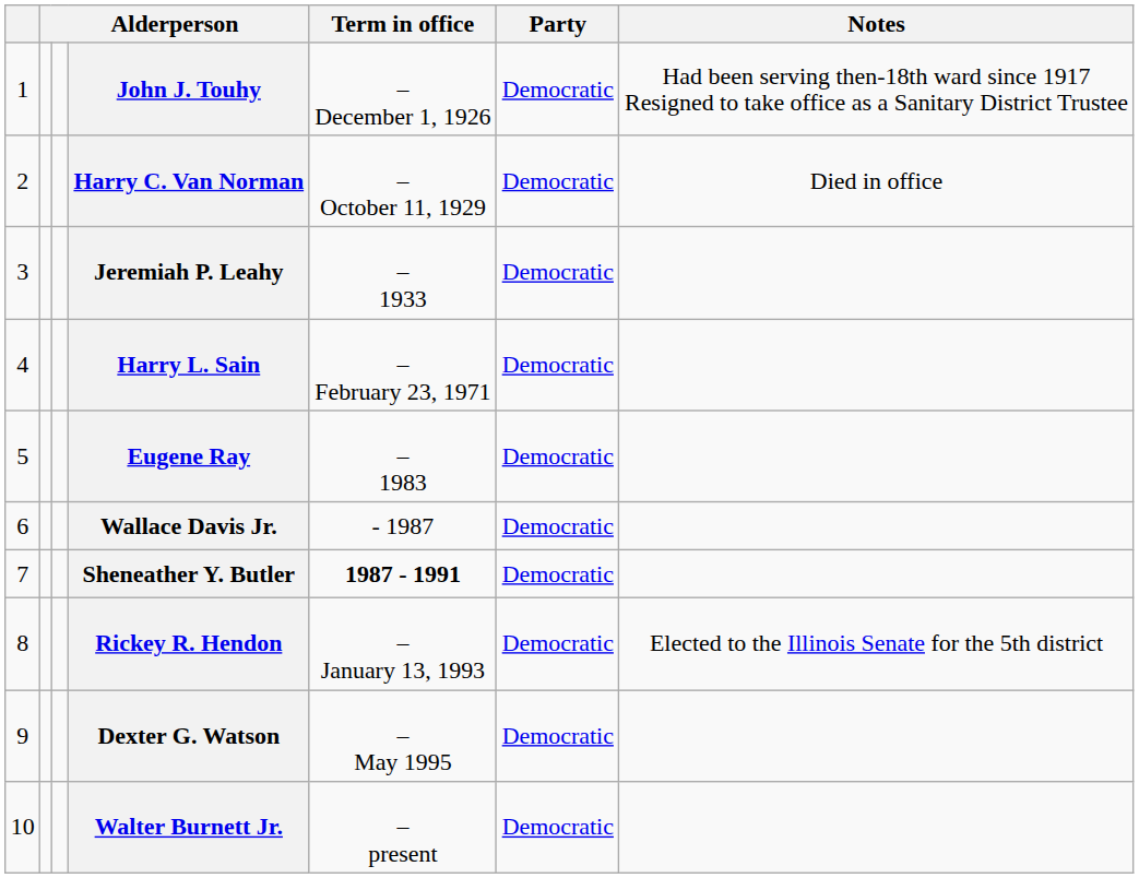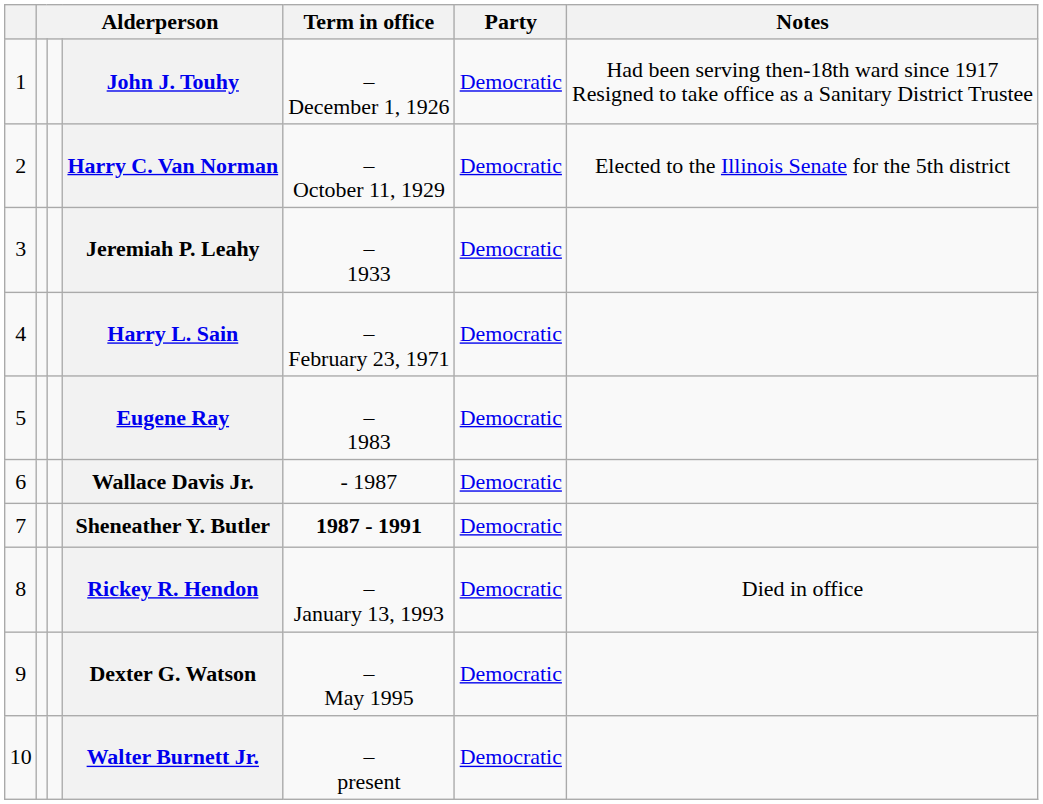 <table class="wikitable sortable" style="text-align:center;">
 <tr>
 <th scope="col"></th>
 <th scope="col" colspan="3">Alderperson</th>
 <th scope="col">Term in office</th>
 <th scope="col">Party</th>
 <th scope="col">Notes</th>
 </tr>
 <tr style="height:2em;">
 <td>1</td>
 <td></td>
 <td> </td>
 <th scope="row"><a href='#'>John J. Touhy</a></th>
 <td><br>–<br>December 1, 1926</td>
 <td><a href='#'>Democratic</a></td>
 <td>Had been serving then-18th ward since 1917<br>Resigned to take office as a Sanitary District Trustee</td>
 </tr>
 <tr style="height:2em;">
 <td>2</td>
 <td></td>
 <td> </td>
 <th scope="row"><a href='#'>Harry C. Van Norman</a></th>
 <td><br>–<br>October 11, 1929</td>
 <td><a href='#'>Democratic</a></td>
-<td>Died in office</td>
+<td>Elected to the <a href='#'>Illinois Senate</a> for the 5th district</td>
 </tr>
 <tr style="height:2em;">
 <td>3</td>
 <td></td>
 <td> </td>
 <th scope="row">Jeremiah P. Leahy</th>
 <td><br>–<br>1933</td>
 <td><a href='#'>Democratic</a></td>
 <td></td>
 </tr>
 <tr style="height:2em;">
 <td>4</td>
 <td></td>
 <td> </td>
 <th scope="row"><a href='#'>Harry L. Sain</a></th>
 <td><br>–<br>February 23, 1971</td>
 <td><a href='#'>Democratic</a></td>
 <td></td>
 </tr>
 <tr style="height:2em;">
 <td>5</td>
 <td></td>
 <td> </td>
 <th scope="row"><a href='#'>Eugene Ray</a></th>
 <td><br>–<br>1983</td>
 <td><a href='#'>Democratic</a></td>
 <td></td>
 </tr>
 <tr style="height:2em;">
 <td>6</td>
 <td></td>
 <td> </td>
 <th scope="row">Wallace Davis Jr.</th>
 <td> - 1987</td>
 <td><a href='#'>Democratic</a></td>
 </tr>
 <tr style="height:2em;">
 <td>7</td>
 <td></td>
 <td> </td>
 <th scope="row">Sheneather Y. Butler</th>
 <td><strong>1987 - 1991</strong></td>
 <td><a href='#'>Democratic</a></td>
 <td></td>
 </tr>
 <tr style="height:2em;">
 <td>8</td>
 <td></td>
 <td> </td>
 <th scope="row"><a href='#'>Rickey R. Hendon</a></th>
 <td><br>–<br>January 13, 1993</td>
 <td><a href='#'>Democratic</a></td>
-<td>Elected to the <a href='#'>Illinois Senate</a> for the 5th district</td>
+<td>Died in office</td>
 </tr>
 <tr style="height:2em;">
 <td>9</td>
 <td></td>
 <td> </td>
 <th scope="row">Dexter G. Watson</th>
 <td><br>–<br>May 1995</td>
 <td><a href='#'>Democratic</a></td>
 <td></td>
 </tr>
 <tr style="height:2em;">
 <td>10</td>
 <td></td>
 <td> </td>
 <th scope="row"><a href='#'>Walter Burnett Jr.</a></th>
 <td><br>–<br>present</td>
 <td><a href='#'>Democratic</a></td>
 <td></td>
 </tr>
 </table>
